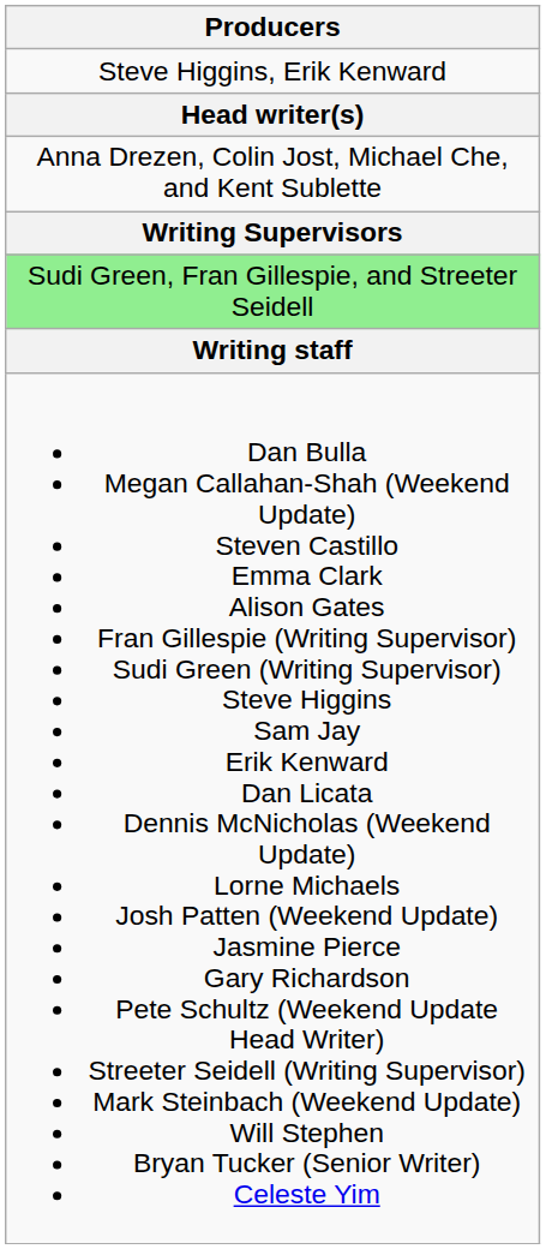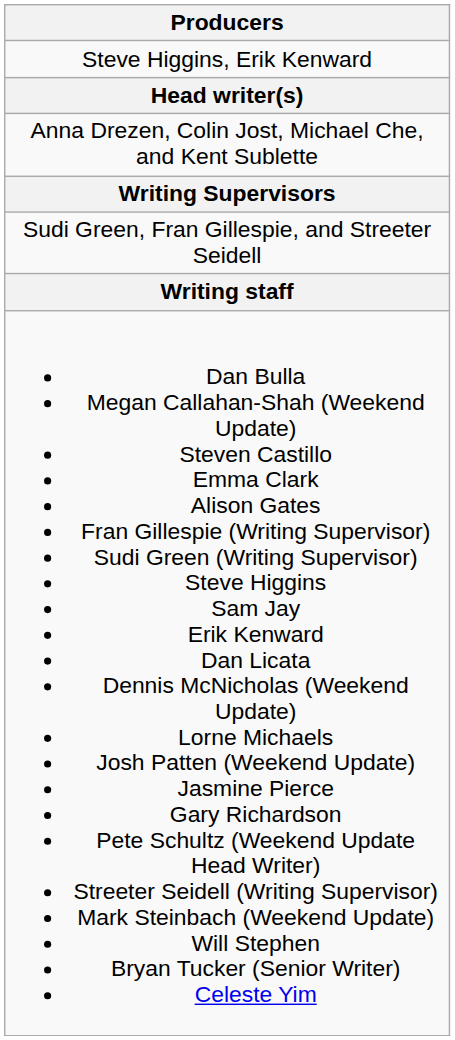 <table class="wikitable plainrowheaders"  style="text-align:center; width:50%;">
 <tr>
 <th><strong>Producers</strong></th>
 </tr>
 <tr>
 <td>Steve Higgins, Erik Kenward</td>
 </tr>
 <tr>
 <th><strong>Head writer(s)</strong></th>
 </tr>
 <tr>
 <td>Anna Drezen, Colin Jost, Michael Che, and Kent Sublette</td>
 </tr>
 <tr>
 <th><strong>Writing Supervisors</strong></th>
 </tr>
 <tr>
-<td style="background: lightgreen;">Sudi Green, Fran Gillespie, and Streeter Seidell</td>
+<td>Sudi Green, Fran Gillespie, and Streeter Seidell</td>
 </tr>
 <tr>
 <th><strong>Writing staff</strong></th>
 </tr>
 <tr>
 <td><br><ul><li>Dan Bulla</li><li>Megan Callahan-Shah (Weekend Update)</li><li>Steven Castillo</li><li>Emma Clark</li><li>Alison Gates</li><li>Fran Gillespie (Writing Supervisor)</li><li>Sudi Green (Writing Supervisor)</li><li>Steve Higgins</li><li>Sam Jay</li><li>Erik Kenward</li><li>Dan Licata</li><li>Dennis McNicholas (Weekend Update)</li><li>Lorne Michaels</li><li>Josh Patten (Weekend Update)</li><li>Jasmine Pierce</li><li>Gary Richardson</li><li>Pete Schultz (Weekend Update Head Writer)</li><li>Streeter Seidell (Writing Supervisor)</li><li>Mark Steinbach (Weekend Update)</li><li>Will Stephen</li><li>Bryan Tucker (Senior Writer)</li><li><a href='#'>Celeste Yim</a></li></ul></td>
 </tr>
 </table>
